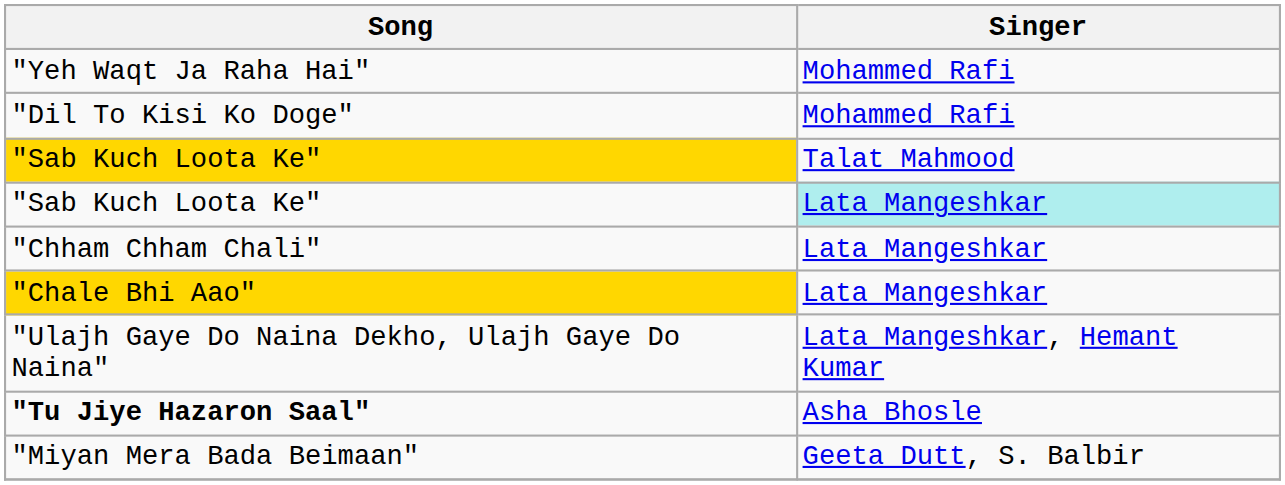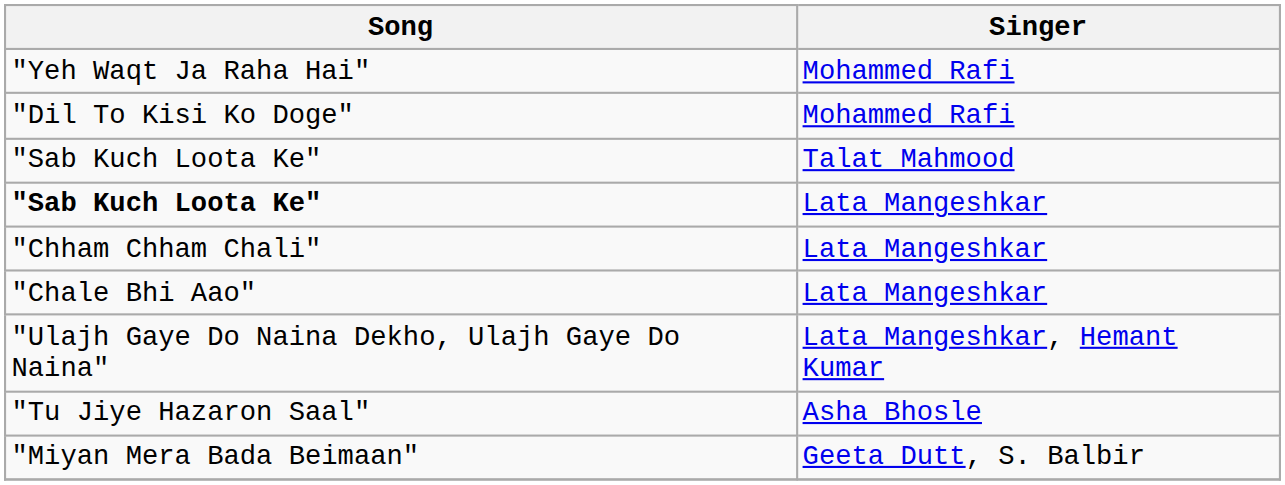 <table class="wikitable">
 <tr>
 <th>Song</th>
 <th>Singer</th>
 </tr>
 <tr>
 <td>"Yeh Waqt Ja Raha Hai"</td>
 <td><a href='#'>Mohammed Rafi</a></td>
 </tr>
 <tr>
 <td>"Dil To Kisi Ko Doge"</td>
 <td><a href='#'>Mohammed Rafi</a></td>
 </tr>
 <tr>
-<td style="background: gold;">"Sab Kuch Loota Ke"</td>
+<td>"Sab Kuch Loota Ke"</td>
 <td><a href='#'>Talat Mahmood</a></td>
 </tr>
 <tr>
-<td>"Sab Kuch Loota Ke"</td>
-<td style="background: paleturquoise;"><a href='#'>Lata Mangeshkar</a></td>
+<td><strong>"Sab Kuch Loota Ke"</strong></td>
+<td><a href='#'>Lata Mangeshkar</a></td>
 </tr>
 <tr>
 <td>"Chham Chham Chali"</td>
 <td><a href='#'>Lata Mangeshkar</a></td>
 </tr>
 <tr>
-<td style="background: gold;">"Chale Bhi Aao"</td>
+<td>"Chale Bhi Aao"</td>
 <td><a href='#'>Lata Mangeshkar</a></td>
 </tr>
 <tr>
 <td>"Ulajh Gaye Do Naina Dekho, Ulajh Gaye Do Naina"</td>
 <td><a href='#'>Lata Mangeshkar</a>, <a href='#'>Hemant Kumar</a></td>
 </tr>
 <tr>
-<td><strong>"Tu Jiye Hazaron Saal"</strong></td>
+<td>"Tu Jiye Hazaron Saal"</td>
 <td><a href='#'>Asha Bhosle</a></td>
 </tr>
 <tr>
 <td>"Miyan Mera Bada Beimaan"</td>
 <td><a href='#'>Geeta Dutt</a>, S. Balbir</td>
 </tr>
 <tr>
 </tr>
 </table>
